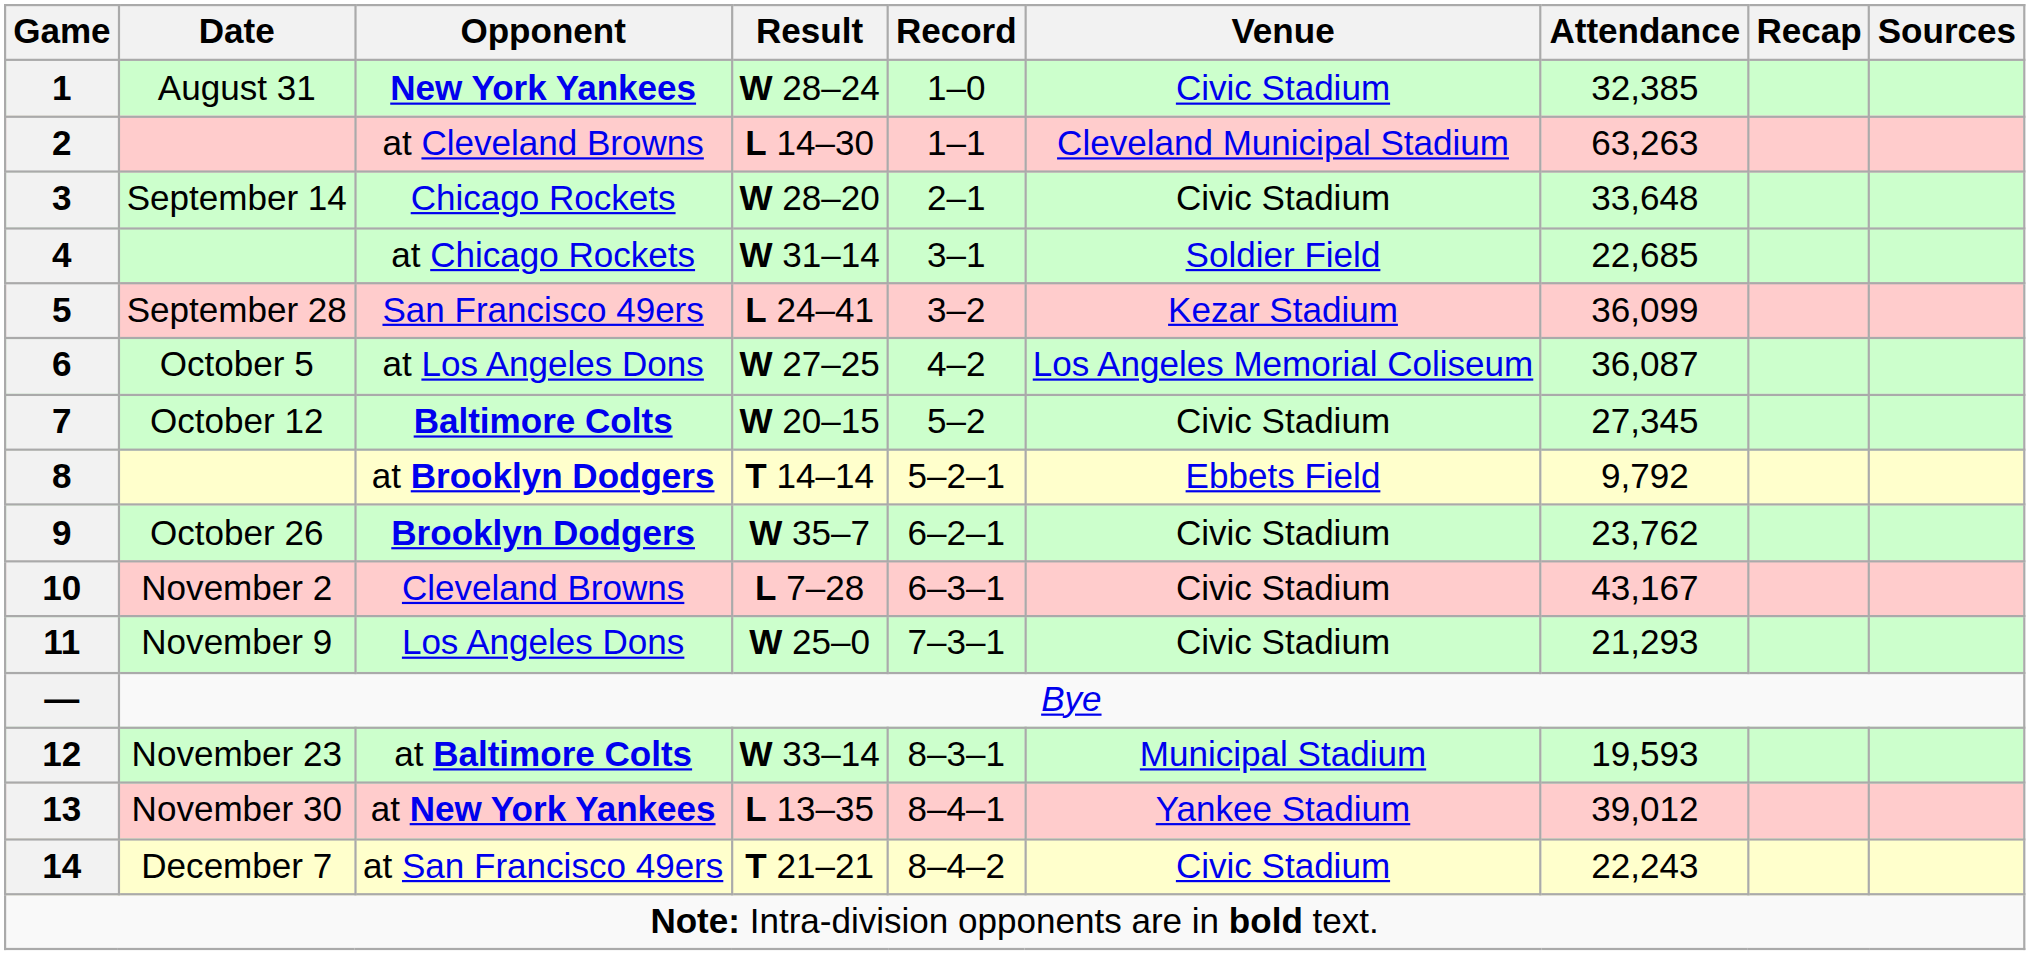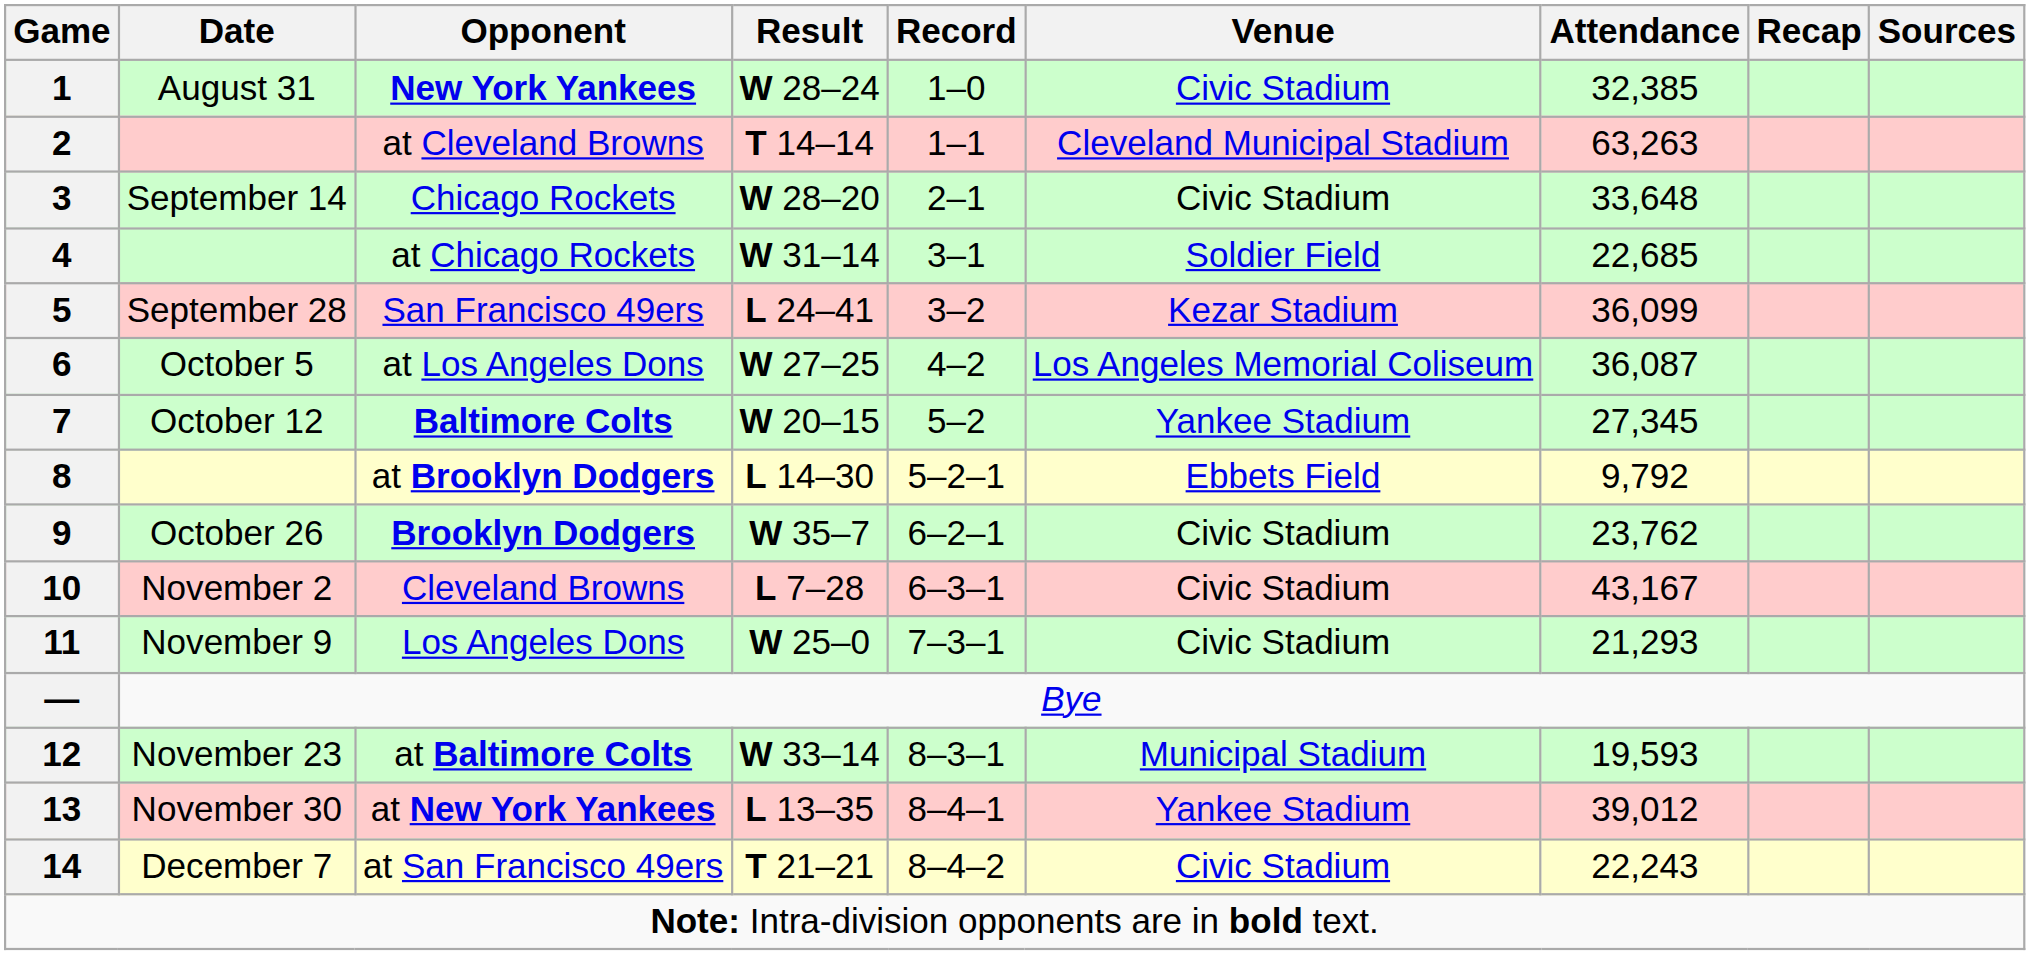 <table class="wikitable" style="text-align:center">
 <tr>
 <th>Game</th>
 <th>Date</th>
 <th>Opponent</th>
 <th>Result</th>
 <th>Record</th>
 <th>Venue</th>
 <th>Attendance</th>
 <th>Recap</th>
 <th>Sources</th>
 </tr>
 <tr style="background:#cfc">
 <th>1</th>
 <td>August 31</td>
 <td><strong><a href='#'>New York Yankees</a></strong></td>
 <td><strong>W</strong> 28–24</td>
 <td>1–0</td>
 <td><a href='#'>Civic Stadium</a></td>
 <td>32,385</td>
 <td></td>
 <td></td>
 </tr>
 <tr style="background:#fcc">
 <th>2</th>
 <td></td>
 <td>at <a href='#'>Cleveland Browns</a></td>
-<td><strong>L</strong> 14–30</td>
+<td><strong>T</strong> 14–14</td>
 <td>1–1</td>
 <td><a href='#'>Cleveland Municipal Stadium</a></td>
 <td>63,263</td>
 <td></td>
 <td></td>
 </tr>
 <tr style="background:#cfc">
 <th>3</th>
 <td>September 14</td>
 <td><a href='#'>Chicago Rockets</a></td>
 <td><strong>W</strong> 28–20</td>
 <td>2–1</td>
 <td>Civic Stadium</td>
 <td>33,648</td>
 <td></td>
 <td></td>
 </tr>
 <tr style="background:#cfc">
 <th>4</th>
 <td></td>
 <td>at <a href='#'>Chicago Rockets</a></td>
 <td><strong>W</strong> 31–14</td>
 <td>3–1</td>
 <td><a href='#'>Soldier Field</a></td>
 <td>22,685</td>
 <td></td>
 <td></td>
 </tr>
 <tr style="background:#fcc">
 <th>5</th>
 <td>September 28</td>
 <td><a href='#'>San Francisco 49ers</a></td>
 <td><strong>L</strong> 24–41</td>
 <td>3–2</td>
 <td><a href='#'>Kezar Stadium</a></td>
 <td>36,099</td>
 <td></td>
 <td></td>
 </tr>
 <tr style="background:#cfc">
 <th>6</th>
 <td>October 5</td>
 <td>at <a href='#'>Los Angeles Dons</a></td>
 <td><strong>W</strong> 27–25</td>
 <td>4–2</td>
 <td><a href='#'>Los Angeles Memorial Coliseum</a></td>
 <td>36,087</td>
 <td></td>
 <td></td>
 </tr>
 <tr style="background:#cfc">
 <th>7</th>
 <td>October 12</td>
 <td><strong><a href='#'>Baltimore Colts</a></strong></td>
 <td><strong>W</strong> 20–15</td>
 <td>5–2</td>
-<td>Civic Stadium</td>
+<td><a href='#'>Yankee Stadium</a></td>
 <td>27,345</td>
 <td></td>
 <td></td>
 </tr>
 <tr style="background:#ffc">
 <th>8</th>
 <td></td>
 <td>at <strong><a href='#'>Brooklyn Dodgers</a></strong></td>
-<td><strong>T</strong> 14–14</td>
+<td><strong>L</strong> 14–30</td>
 <td>5–2–1</td>
 <td><a href='#'>Ebbets Field</a></td>
 <td>9,792</td>
 <td></td>
 <td></td>
 </tr>
 <tr style="background:#cfc">
 <th>9</th>
 <td>October 26</td>
 <td><strong><a href='#'>Brooklyn Dodgers</a></strong></td>
 <td><strong>W</strong> 35–7</td>
 <td>6–2–1</td>
 <td>Civic Stadium</td>
 <td>23,762</td>
 <td></td>
 <td></td>
 </tr>
 <tr style="background:#fcc">
 <th>10</th>
 <td>November 2</td>
 <td><a href='#'>Cleveland Browns</a></td>
 <td><strong>L</strong> 7–28</td>
 <td>6–3–1</td>
 <td>Civic Stadium</td>
 <td>43,167</td>
 <td></td>
 <td></td>
 </tr>
 <tr style="background:#cfc">
 <th>11</th>
 <td>November 9</td>
 <td><a href='#'>Los Angeles Dons</a></td>
 <td><strong>W</strong> 25–0</td>
 <td>7–3–1</td>
 <td>Civic Stadium</td>
 <td>21,293</td>
 <td></td>
 <td></td>
 </tr>
 <tr>
 <th>—</th>
 <td colspan="8"><em><a href='#'>Bye</a></em></td>
 </tr>
 <tr style="background:#cfc">
 <th>12</th>
 <td>November 23</td>
 <td>at <strong><a href='#'>Baltimore Colts</a></strong></td>
 <td><strong>W</strong> 33–14</td>
 <td>8–3–1</td>
 <td><a href='#'>Municipal Stadium</a></td>
 <td>19,593</td>
 <td></td>
 <td></td>
 </tr>
 <tr style="background:#fcc">
 <th>13</th>
 <td>November 30</td>
 <td>at <strong><a href='#'>New York Yankees</a></strong></td>
 <td><strong>L</strong> 13–35</td>
 <td>8–4–1</td>
 <td><a href='#'>Yankee Stadium</a></td>
 <td>39,012</td>
 <td></td>
 <td></td>
 </tr>
 <tr style="background:#ffc">
 <th>14</th>
 <td>December 7</td>
 <td>at <a href='#'>San Francisco 49ers</a></td>
 <td><strong>T</strong> 21–21</td>
 <td>8–4–2</td>
 <td><a href='#'>Civic Stadium</a></td>
 <td>22,243</td>
 <td></td>
 <td></td>
 </tr>
 <tr>
 <td colspan="10"><strong>Note:</strong> Intra-division opponents are in <strong>bold</strong> text.</td>
 </tr>
 </table>
